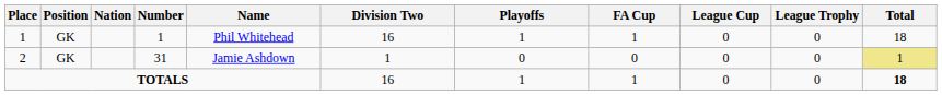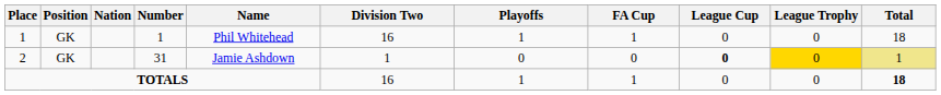 <table class="wikitable" style="font-size: 95%; text-align: center;">
 <tr>
 <th width=20>Place</th>
 <th width=20>Position</th>
 <th width=20>Nation</th>
 <th width=20>Number</th>
 <th width=150>Name</th>
 <th width=150>Division Two</th>
 <th width=150>Playoffs</th>
 <th width=100>FA Cup</th>
 <th width=100>League Cup</th>
 <th width=100>League Trophy</th>
 <th width=80><strong>Total</strong></th>
 </tr>
 <tr>
 <td>1</td>
 <td>GK</td>
 <td></td>
 <td>1</td>
 <td><a href='#'>Phil Whitehead</a></td>
 <td>16</td>
 <td>1</td>
 <td>1</td>
 <td>0</td>
 <td>0</td>
 <td>18</td>
 </tr>
 <tr>
 <td>2</td>
 <td>GK</td>
 <td></td>
 <td>31</td>
 <td><a href='#'>Jamie Ashdown</a></td>
 <td>1</td>
 <td>0</td>
 <td>0</td>
-<td>0</td>
-<td>0</td>
+<td><strong>0</strong></td>
+<td style="background: gold;">0</td>
 <td style="background: khaki;">1</td>
 </tr>
 <tr>
 <td colspan="5"><strong>TOTALS</strong></td>
 <td>16</td>
 <td>1</td>
 <td>1</td>
 <td>0</td>
 <td>0</td>
 <td><strong>18</strong></td>
 </tr>
 </table>
